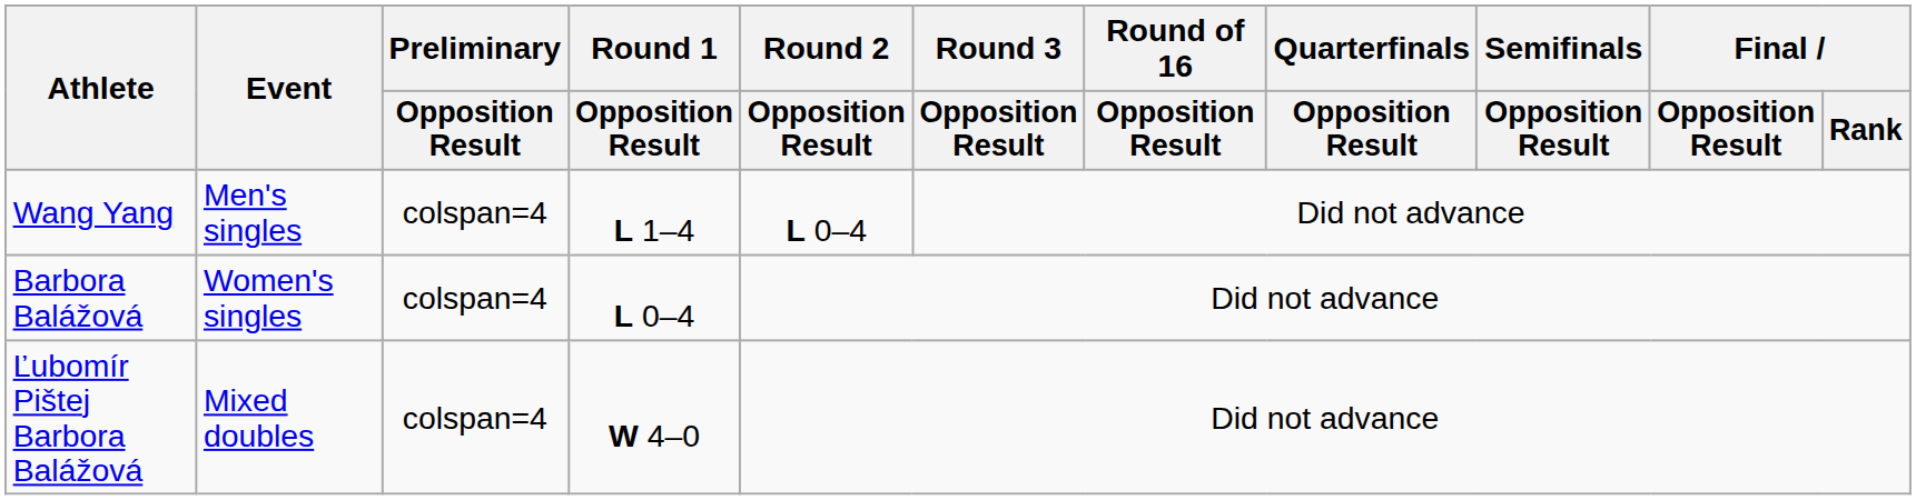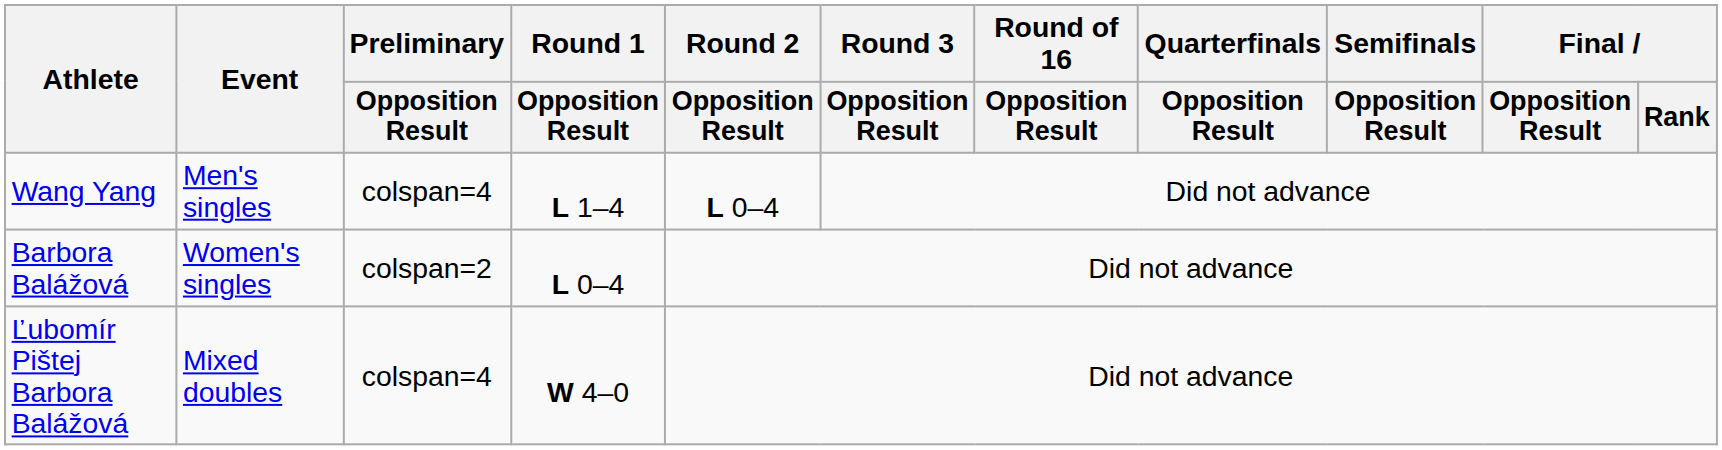 <table class="wikitable" style="font-size:90%;">
 <tr>
 <th rowspan=2>Athlete</th>
 <th rowspan=2>Event</th>
 <th>Preliminary</th>
 <th>Round 1</th>
 <th>Round 2</th>
 <th>Round 3</th>
 <th>Round of 16</th>
 <th>Quarterfinals</th>
 <th>Semifinals</th>
 <th colspan=2>Final / </th>
 </tr>
 <tr style="font-size:95%">
 <th>Opposition<br>Result</th>
 <th>Opposition<br>Result</th>
 <th>Opposition<br>Result</th>
 <th>Opposition<br>Result</th>
 <th>Opposition<br>Result</th>
 <th>Opposition<br>Result</th>
 <th>Opposition<br>Result</th>
 <th>Opposition<br>Result</th>
 <th>Rank</th>
 </tr>
 <tr align=center>
 <td align=left><a href='#'>Wang Yang</a></td>
 <td align=left><a href='#'>Men's singles</a></td>
 <td>colspan=4 </td>
 <td><br><strong>L</strong> 1–4</td>
 <td><br><strong>L</strong> 0–4</td>
 <td colspan=7>Did not advance</td>
 </tr>
 <tr align=center>
 <td align=left><a href='#'>Barbora Balážová</a></td>
 <td align=left><a href='#'>Women's singles</a></td>
-<td>colspan=4 </td>
+<td>colspan=2 </td>
 <td><br><strong>L</strong> 0–4</td>
 <td colspan=7>Did not advance</td>
 </tr>
 <tr align=center>
 <td align=left><a href='#'>Ľubomír Pištej</a><br><a href='#'>Barbora Balážová</a></td>
 <td align=left><a href='#'>Mixed doubles</a></td>
 <td>colspan=4 </td>
 <td><br><strong>W</strong> 4–0</td>
 <td colspan=7>Did not advance</td>
 </tr>
 </table>
